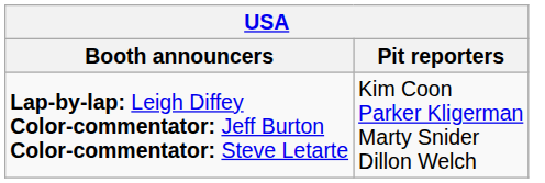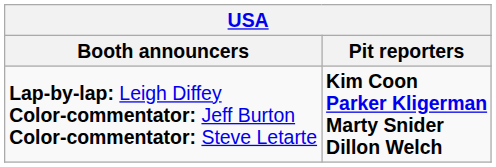 <table class="wikitable" style="font-size: 95%">
 <tr>
 <th colspan="2"><a href='#'>USA</a></th>
 </tr>
 <tr>
 <th>Booth announcers</th>
 <th>Pit reporters</th>
 </tr>
 <tr>
 <td><strong>Lap-by-lap:</strong> <a href='#'>Leigh Diffey</a><br><strong>Color-commentator:</strong> <a href='#'>Jeff Burton</a><br><strong>Color-commentator:</strong> <a href='#'>Steve Letarte</a><br></td>
-<td>Kim Coon<br><a href='#'>Parker Kligerman</a><br>Marty Snider<br>Dillon Welch</td>
+<td><strong>Kim Coon<br><a href='#'>Parker Kligerman</a><br>Marty Snider<br>Dillon Welch</strong></td>
 </tr>
 </table>
